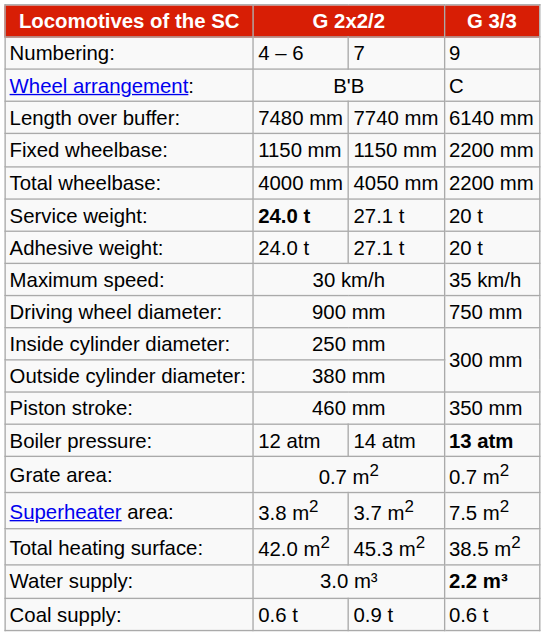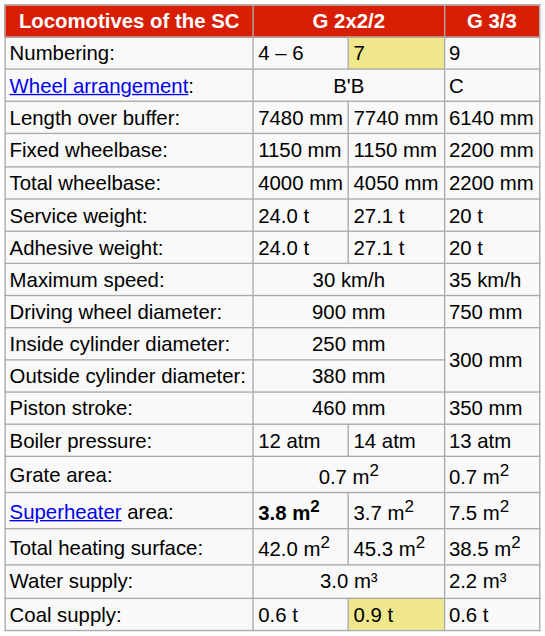 <table class="wikitable" style="float: right; clear:right; font-size:95%; width:400px;">
 <tr>
 <th style="background-color:#D81E05; color:#FFFFFF;">Locomotives of the SC</th>
 <th colspan="2" style="background-color:#D81E05; color:#FFFFFF;">G 2x2/2</th>
 <th style="background-color:#D81E05; color:#FFFFFF;">G 3/3</th>
 </tr>
 <tr>
 <td>Numbering:</td>
 <td>4 – 6</td>
-<td>7</td>
+<td style="background: khaki;">7</td>
 <td>9</td>
 </tr>
 <tr>
 <td><a href='#'>Wheel arrangement</a>:</td>
 <td colspan="2" align="center">B'B</td>
 <td>C</td>
 </tr>
 <tr>
 <td>Length over buffer:</td>
 <td>7480 mm</td>
 <td>7740 mm</td>
 <td>6140 mm</td>
 </tr>
 <tr>
 <td>Fixed wheelbase:</td>
 <td>1150 mm</td>
 <td>1150 mm</td>
 <td>2200 mm</td>
 </tr>
 <tr>
 <td>Total wheelbase:</td>
 <td>4000 mm</td>
 <td>4050 mm</td>
 <td>2200 mm</td>
 </tr>
 <tr>
 <td>Service weight:</td>
-<td><strong>24.0 t</strong></td>
+<td>24.0 t</td>
 <td>27.1 t</td>
 <td>20 t</td>
 </tr>
 <tr>
 <td>Adhesive weight:</td>
 <td>24.0 t</td>
 <td>27.1 t</td>
 <td>20 t</td>
 </tr>
 <tr>
 <td>Maximum speed:</td>
 <td colspan="2" align="center">30 km/h</td>
 <td>35 km/h</td>
 </tr>
 <tr>
 <td>Driving wheel diameter:</td>
 <td colspan="2" align="center">900 mm</td>
 <td>750 mm</td>
 </tr>
 <tr>
 <td>Inside cylinder diameter:</td>
 <td colspan="2" align="center">250 mm</td>
 <td rowspan="2">300 mm</td>
 </tr>
 <tr>
 <td>Outside cylinder diameter:</td>
 <td colspan="2" align="center">380 mm</td>
 </tr>
 <tr>
 <td>Piston stroke:</td>
 <td colspan="2" align="center">460 mm</td>
 <td>350 mm</td>
 </tr>
 <tr>
 <td>Boiler pressure:</td>
 <td>12 atm</td>
 <td>14 atm</td>
-<td><strong>13 atm</strong></td>
+<td>13 atm</td>
 </tr>
 <tr>
 <td>Grate area:</td>
 <td colspan="2" align="center">0.7 m<sup>2</sup></td>
 <td>0.7 m<sup>2</sup></td>
 </tr>
 <tr>
 <td><a href='#'>Superheater</a> area:</td>
-<td>3.8 m<sup>2</sup></td>
+<td><strong>3.8 m<sup>2</sup></strong></td>
 <td>3.7 m<sup>2</sup></td>
 <td>7.5 m<sup>2</sup></td>
 </tr>
 <tr>
 <td>Total heating surface:</td>
 <td>42.0 m<sup>2</sup></td>
 <td>45.3 m<sup>2</sup></td>
 <td>38.5 m<sup>2</sup></td>
 </tr>
 <tr>
 <td>Water supply:</td>
 <td colspan="2" align="center">3.0 m³</td>
-<td><strong>2.2 m³</strong></td>
+<td>2.2 m³</td>
 </tr>
 <tr>
 <td>Coal supply:</td>
 <td>0.6 t</td>
-<td>0.9 t</td>
+<td style="background: khaki;">0.9 t</td>
 <td>0.6 t</td>
 </tr>
 </table>
